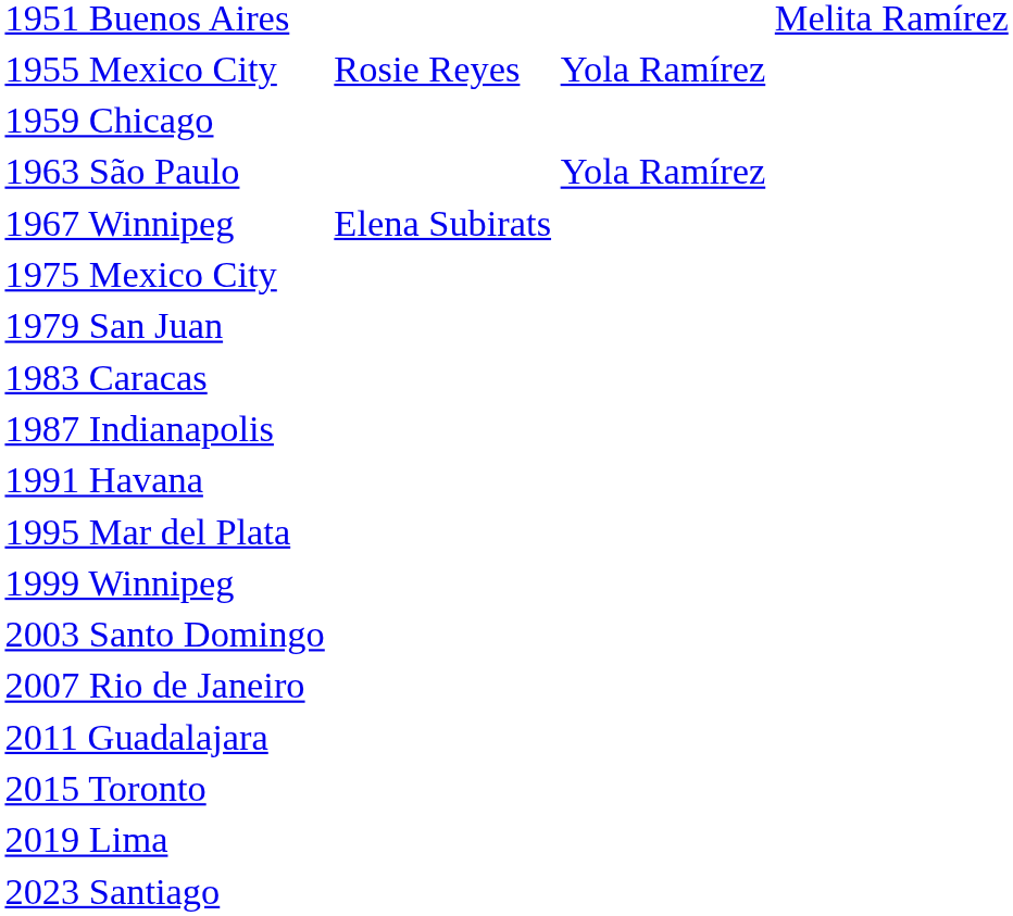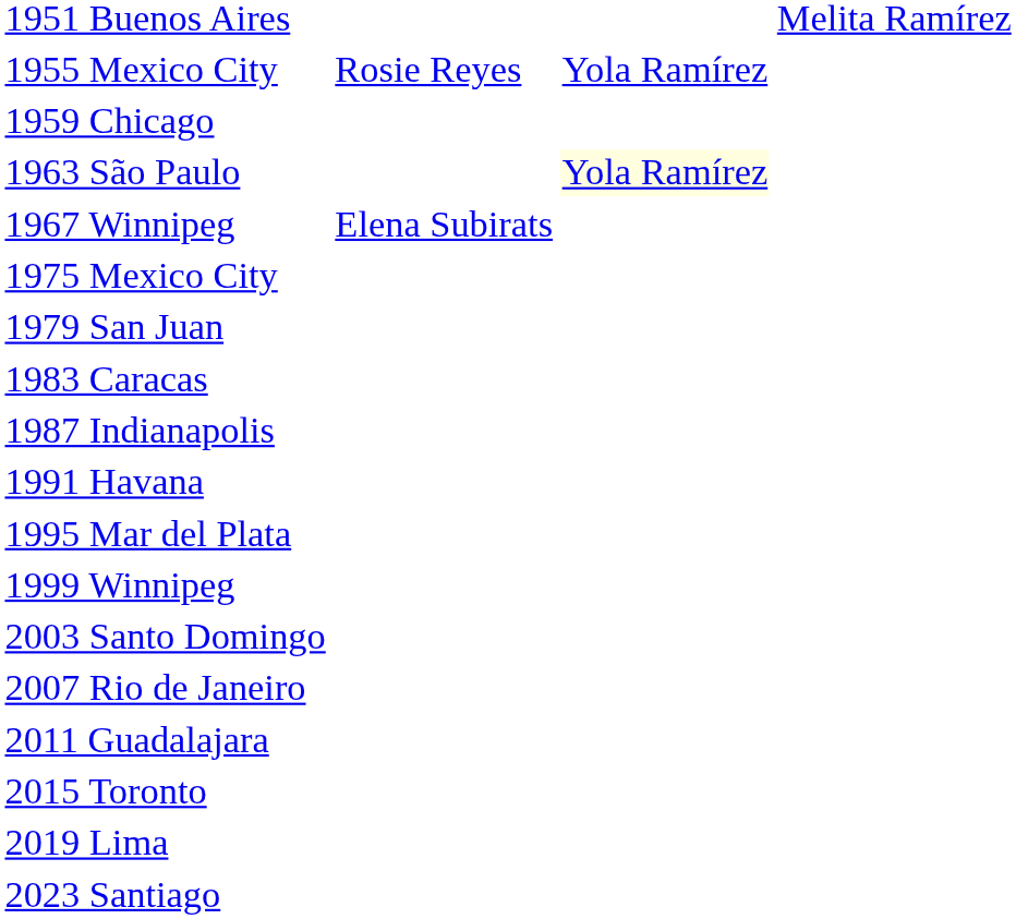 <table>
 <tr>
 <td><a href='#'>1951 Buenos Aires</a></td>
 <td></td>
 <td></td>
 <td> <a href='#'>Melita Ramírez</a> </td>
 </tr>
 <tr>
 <td><a href='#'>1955 Mexico City</a></td>
 <td> <a href='#'>Rosie Reyes</a> </td>
 <td> <a href='#'>Yola Ramírez</a> </td>
 <td></td>
 </tr>
 <tr>
 <td><a href='#'>1959 Chicago</a></td>
 <td></td>
 <td></td>
 <td></td>
 </tr>
 <tr>
 <td><a href='#'>1963 São Paulo</a></td>
 <td></td>
-<td> <a href='#'>Yola Ramírez</a> </td>
+<td style="background: lightyellow;"> <a href='#'>Yola Ramírez</a> </td>
 <td></td>
 </tr>
 <tr>
 <td><a href='#'>1967 Winnipeg</a></td>
 <td> <a href='#'>Elena Subirats</a> </td>
 <td></td>
 <td></td>
 </tr>
 <tr>
 <td><a href='#'>1975 Mexico City</a></td>
 <td></td>
 <td></td>
 <td></td>
 </tr>
 <tr>
 <td><a href='#'>1979 San Juan</a></td>
 <td></td>
 <td></td>
 <td></td>
 </tr>
 <tr>
 <td><a href='#'>1983 Caracas</a></td>
 <td></td>
 <td></td>
 <td></td>
 </tr>
 <tr>
 <td rowspan=2><a href='#'>1987 Indianapolis</a></td>
 <td rowspan=2></td>
 <td rowspan=2></td>
 <td></td>
 </tr>
 <tr>
 <td></td>
 </tr>
 <tr>
 <td><a href='#'>1991 Havana</a></td>
 <td></td>
 <td></td>
 <td></td>
 </tr>
 <tr>
 <td><a href='#'>1995 Mar del Plata</a></td>
 <td></td>
 <td></td>
 <td></td>
 </tr>
 <tr>
 <td rowspan=2><a href='#'>1999 Winnipeg</a></td>
 <td rowspan=2></td>
 <td rowspan=2></td>
 <td></td>
 </tr>
 <tr>
 <td></td>
 </tr>
 <tr>
 <td rowspan=2><a href='#'>2003 Santo Domingo</a></td>
 <td rowspan=2></td>
 <td rowspan=2></td>
 <td></td>
 </tr>
 <tr>
 <td></td>
 </tr>
 <tr>
 <td><a href='#'>2007 Rio de Janeiro</a></td>
 <td></td>
 <td></td>
 <td></td>
 </tr>
 <tr>
 <td><a href='#'>2011 Guadalajara</a></td>
 <td></td>
 <td></td>
 <td></td>
 </tr>
 <tr>
 <td><a href='#'>2015 Toronto</a></td>
 <td></td>
 <td></td>
 <td></td>
 </tr>
 <tr>
 <td><a href='#'>2019 Lima</a></td>
 <td></td>
 <td></td>
 <td></td>
 </tr>
 <tr>
 <td><a href='#'>2023 Santiago</a></td>
 <td></td>
 <td></td>
 <td></td>
 </tr>
 </table>
